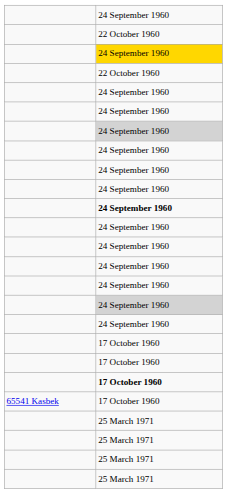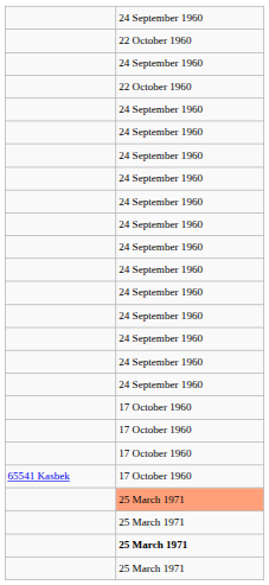 <table class="wikitable" style="font-size: 89%; float: left; width: 24em; margin-right: 1em; line-height: 1.65em">
 <tr>
 <td></td>
 <td>24 September 1960</td>
 </tr>
 <tr>
 <td></td>
 <td>22 October 1960</td>
 </tr>
 <tr>
 <td></td>
-<td style="background: gold;">24 September 1960</td>
+<td>24 September 1960</td>
 </tr>
 <tr>
 <td></td>
 <td>22 October 1960</td>
-</tr>
-<tr>
-<td></td>
-<td>24 September 1960</td>
-</tr>
-<tr>
-<td></td>
-<td>24 September 1960</td>
-</tr>
-<tr>
-<td></td>
-<td style="background: lightgrey;">24 September 1960</td>
-</tr>
-<tr>
-<td></td>
-<td>24 September 1960</td>
-</tr>
-<tr>
-<td></td>
-<td>24 September 1960</td>
-</tr>
-<tr>
-<td></td>
-<td>24 September 1960</td>
-</tr>
-<tr>
-<td></td>
-<td><strong>24 September 1960</strong></td>
 </tr>
 <tr>
 <td></td>
 <td>24 September 1960</td>
 </tr>
 <tr>
 <td></td>
 <td>24 September 1960</td>
 </tr>
 <tr>
 <td></td>
 <td>24 September 1960</td>
 </tr>
 <tr>
 <td></td>
 <td>24 September 1960</td>
 </tr>
 <tr>
 <td></td>
-<td style="background: lightgrey;">24 September 1960</td>
+<td>24 September 1960</td>
+</tr>
+<tr>
+<td></td>
+<td>24 September 1960</td>
+</tr>
+<tr>
+<td></td>
+<td>24 September 1960</td>
+</tr>
+<tr>
+<td></td>
+<td>24 September 1960</td>
+</tr>
+<tr>
+<td></td>
+<td>24 September 1960</td>
+</tr>
+<tr>
+<td></td>
+<td>24 September 1960</td>
+</tr>
+<tr>
+<td></td>
+<td>24 September 1960</td>
+</tr>
+<tr>
+<td></td>
+<td>24 September 1960</td>
 </tr>
 <tr>
 <td></td>
 <td>24 September 1960</td>
 </tr>
 <tr>
 <td></td>
 <td>17 October 1960</td>
 </tr>
 <tr>
 <td></td>
 <td>17 October 1960</td>
 </tr>
 <tr>
 <td></td>
-<td><strong>17 October 1960</strong></td>
+<td>17 October 1960</td>
 </tr>
 <tr>
 <td><a href='#'>65541 Kasbek</a></td>
 <td>17 October 1960</td>
 </tr>
 <tr>
 <td></td>
-<td>25 March 1971</td>
+<td style="background: lightsalmon;">25 March 1971</td>
 </tr>
 <tr>
 <td></td>
 <td>25 March 1971</td>
 </tr>
 <tr>
 <td></td>
-<td>25 March 1971</td>
+<td><strong>25 March 1971</strong></td>
 </tr>
 <tr>
 <td></td>
 <td>25 March 1971</td>
 </tr>
 </table>
